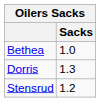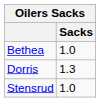 <table class="wikitable">
 <tr>
 <th colspan="2">Oilers Sacks</th>
 </tr>
 <tr>
 <th></th>
 <th>Sacks</th>
 </tr>
 <tr>
 <td><a href='#'>Bethea</a></td>
 <td>1.0</td>
 </tr>
 <tr>
 <td><a href='#'>Dorris</a></td>
 <td>1.3</td>
 </tr>
 <tr>
 <td><a href='#'>Stensrud</a></td>
-<td>1.2</td>
+<td>1.0</td>
 </tr>
 </table>
